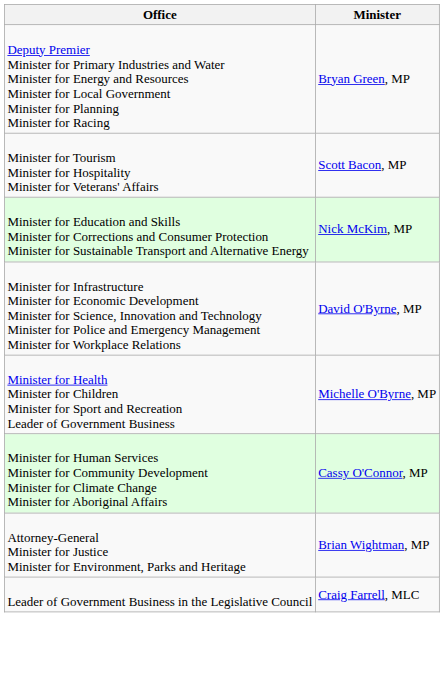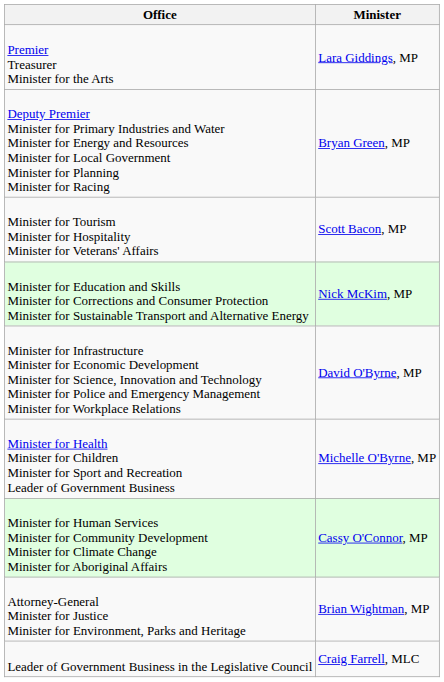 <table class="wikitable">
 <tr>
 <th>Office</th>
 <th>Minister</th>
+</tr>
+<tr>
+<td><br><a href='#'>Premier</a><br> Treasurer<br> Minister for the Arts</td>
+<td><a href='#'>Lara Giddings</a>, MP</td>
 </tr>
 <tr>
 <td><br><a href='#'>Deputy Premier</a><br> Minister for Primary Industries and Water<br> Minister for Energy and Resources<br> Minister for Local Government<br> Minister for Planning<br> Minister for Racing</td>
 <td><a href='#'>Bryan Green</a>, MP</td>
 </tr>
 <tr>
 <td><br>Minister for Tourism<br> Minister for Hospitality<br> Minister for Veterans' Affairs</td>
 <td><a href='#'>Scott Bacon</a>, MP</td>
 </tr>
 <tr bgcolor="#e0ffe0">
 <td><br>Minister for Education and Skills<br> Minister for Corrections and Consumer Protection<br> Minister for Sustainable Transport and Alternative Energy</td>
 <td><a href='#'>Nick McKim</a>, MP</td>
 </tr>
 <tr>
 <td><br>Minister for Infrastructure<br> Minister for Economic Development<br> Minister for Science, Innovation and Technology<br> Minister for Police and Emergency Management<br> Minister for Workplace Relations</td>
 <td><a href='#'>David O'Byrne</a>, MP</td>
 </tr>
 <tr>
 <td><br><a href='#'>Minister for Health</a><br> Minister for Children<br> Minister for Sport and Recreation<br> Leader of Government Business</td>
 <td><a href='#'>Michelle O'Byrne</a>, MP</td>
 </tr>
 <tr bgcolor="#e0ffe0">
 <td><br>Minister for Human Services<br> Minister for Community Development<br> Minister for Climate Change<br> Minister for Aboriginal Affairs</td>
 <td><a href='#'>Cassy O'Connor</a>, MP</td>
 </tr>
 <tr>
 <td><br>Attorney-General<br> Minister for Justice<br> Minister for Environment, Parks and Heritage</td>
 <td><a href='#'>Brian Wightman</a>, MP</td>
 </tr>
 <tr>
 <td><br>Leader of Government Business in the Legislative Council</td>
 <td><a href='#'>Craig Farrell</a>, MLC</td>
 </tr>
 </table>
